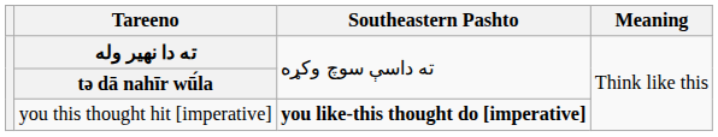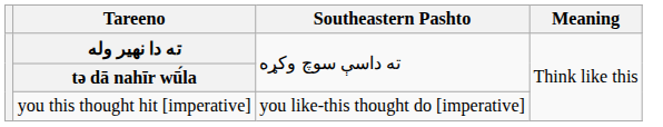 <table class="wikitable">
 <tr>
 <th></th>
 <th>Tareeno</th>
 <th>Southeastern Pashto</th>
 <th>Meaning</th>
 </tr>
 <tr>
 <th rowspan="3"></th>
 <th><strong>ته دا نهير وله</strong></th>
 <td rowspan="2">ته داسې سوچ وکړه</td>
 <td rowspan="3">Think like this</td>
 </tr>
 <tr>
 <th>tə dā nahīr wū́la</th>
 </tr>
 <tr>
 <td>you this thought hit [imperative]</td>
-<td><strong>you like-this thought do [imperative]</strong></td>
+<td>you like-this thought do [imperative]</td>
 </tr>
 </table>
